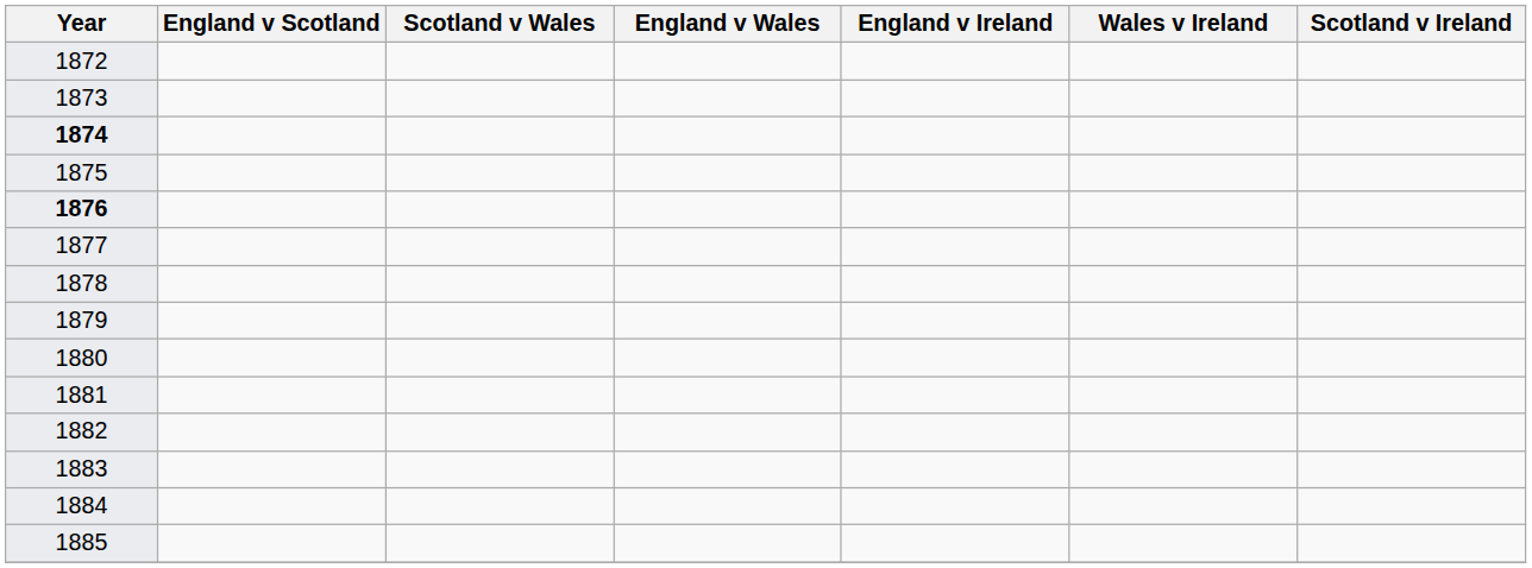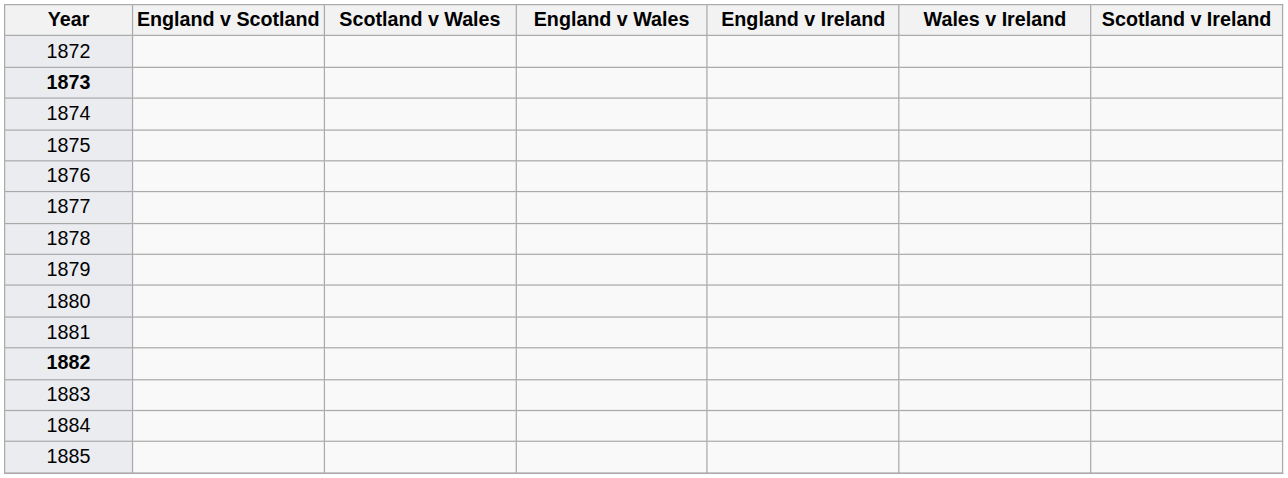 <table class="wikitable">
 <tr>
 <th width=10%>Year</th>
 <th width=15%>England v Scotland</th>
 <th width=15%>Scotland v Wales</th>
 <th width=15%>England v Wales</th>
 <th width=15%>England v Ireland</th>
 <th width=15%>Wales v Ireland</th>
 <th width=15%>Scotland v Ireland</th>
 </tr>
 <tr>
 <td style="background:#EAECF0" align=center>1872</td>
 <td></td>
 <td></td>
 <td></td>
 <td></td>
 <td></td>
 <td></td>
 </tr>
 <tr>
-<td style="background:#EAECF0" align=center>1873</td>
+<td style="background:#EAECF0" align=center><strong>1873</strong></td>
 <td></td>
 <td></td>
 <td></td>
 <td></td>
 <td></td>
 <td></td>
 </tr>
 <tr>
-<td style="background:#EAECF0" align=center><strong>1874</strong></td>
+<td style="background:#EAECF0" align=center>1874</td>
 <td></td>
 <td></td>
 <td></td>
 <td></td>
 <td></td>
 <td></td>
 </tr>
 <tr>
 <td style="background:#EAECF0" align=center>1875</td>
 <td></td>
 <td></td>
 <td></td>
 <td></td>
 <td></td>
 <td></td>
 </tr>
 <tr>
-<td style="background:#EAECF0" align=center><strong>1876</strong></td>
+<td style="background:#EAECF0" align=center>1876</td>
 <td></td>
 <td></td>
 <td></td>
 <td></td>
 <td></td>
 <td></td>
 </tr>
 <tr>
 <td style="background:#EAECF0" align=center>1877</td>
 <td></td>
 <td></td>
 <td></td>
 <td></td>
 <td></td>
 <td></td>
 </tr>
 <tr>
 <td style="background:#EAECF0" align=center>1878</td>
 <td></td>
 <td></td>
 <td></td>
 <td></td>
 <td></td>
 <td></td>
 </tr>
 <tr>
 <td style="background:#EAECF0" align=center>1879</td>
 <td></td>
 <td></td>
 <td></td>
 <td></td>
 <td></td>
 <td></td>
 </tr>
 <tr>
 <td style="background:#EAECF0" align=center>1880</td>
 <td></td>
 <td></td>
 <td></td>
 <td></td>
 <td></td>
 <td></td>
 </tr>
 <tr>
 <td style="background:#EAECF0" align=center>1881</td>
 <td></td>
 <td></td>
 <td></td>
 <td></td>
 <td></td>
 <td></td>
 </tr>
 <tr>
-<td style="background:#EAECF0" align=center>1882</td>
+<td style="background:#EAECF0" align=center><strong>1882</strong></td>
 <td></td>
 <td></td>
 <td></td>
 <td></td>
 <td></td>
 <td></td>
 </tr>
 <tr>
 <td style="background:#EAECF0" align=center>1883</td>
 <td></td>
 <td></td>
 <td></td>
 <td></td>
 <td></td>
 <td></td>
 </tr>
 <tr>
 <td style="background:#EAECF0" align=center>1884</td>
 <td></td>
 <td></td>
 <td></td>
 <td></td>
 <td></td>
 <td></td>
 </tr>
 <tr>
 <td style="background:#EAECF0" align=center>1885</td>
 <td></td>
 <td></td>
 <td></td>
 <td></td>
 <td></td>
 <td></td>
 </tr>
 <tr>
 </tr>
 </table>
